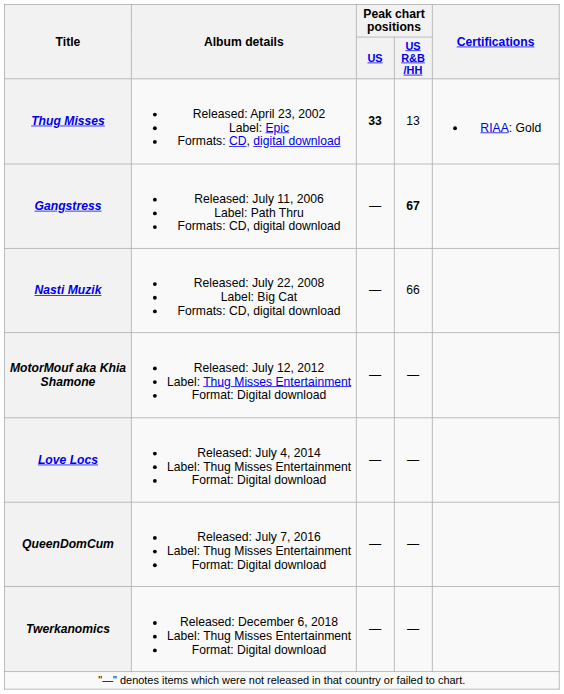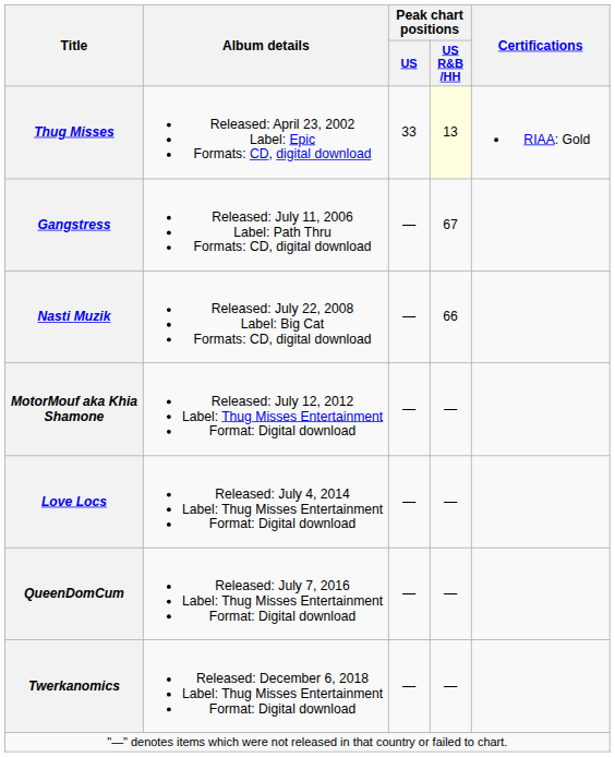 <table class="wikitable plainrowheaders" style="text-align:center;">
 <tr>
 <th scope="col" rowspan="2" style="width:10em;">Title</th>
 <th scope="col" rowspan="2" style="width:18em;">Album details</th>
 <th scope="col" colspan="2">Peak chart positions</th>
 <th scope="col" rowspan="2" style="width:10em;"><a href='#'>Certifications</a></th>
 </tr>
 <tr>
 <th scope="col" style="width:3em;font-size:90%;"><a href='#'>US</a><br></th>
 <th scope="col" style="width:3em;font-size:90%;"><a href='#'>US R&B<br>/HH</a><br></th>
 </tr>
 <tr>
 <th scope="row"><em><a href='#'>Thug Misses</a></em></th>
 <td><br><ul><li>Released: April 23, 2002</li><li>Label: <a href='#'>Epic</a></li><li>Formats: <a href='#'>CD</a>, <a href='#'>digital download</a></li></ul></td>
-<td><strong>33</strong></td>
-<td>13</td>
+<td>33</td>
+<td style="background: lightyellow;">13</td>
 <td><br><ul><li><a href='#'>RIAA</a>: Gold</li></ul></td>
 </tr>
 <tr>
 <th scope="row"><em><a href='#'>Gangstress</a></em></th>
 <td><br><ul><li>Released: July 11, 2006</li><li>Label: Path Thru</li><li>Formats: CD, digital download</li></ul></td>
 <td>—</td>
-<td><strong>67</strong></td>
+<td>67</td>
 <td></td>
 </tr>
 <tr>
 <th scope="row"><em><a href='#'>Nasti Muzik</a></em></th>
 <td><br><ul><li>Released: July 22, 2008</li><li>Label: Big Cat</li><li>Formats: CD, digital download</li></ul></td>
 <td>—</td>
 <td>66</td>
 <td></td>
 </tr>
 <tr>
 <th scope="row"><em>MotorMouf aka Khia Shamone</em></th>
 <td><br><ul><li>Released: July 12, 2012</li><li>Label: <a href='#'>Thug Misses Entertainment</a></li><li>Format: Digital download</li></ul></td>
 <td>—</td>
 <td>—</td>
 <td></td>
 </tr>
 <tr>
 <th scope="row"><em><a href='#'>Love Locs</a></em></th>
 <td><br><ul><li>Released: July 4, 2014</li><li>Label: Thug Misses Entertainment</li><li>Format: Digital download</li></ul></td>
 <td>—</td>
 <td>—</td>
 <td></td>
 </tr>
 <tr>
 <th scope="row"><em>QueenDomCum</em></th>
 <td><br><ul><li>Released: July 7, 2016</li><li>Label: Thug Misses Entertainment</li><li>Format: Digital download</li></ul></td>
 <td>—</td>
 <td>—</td>
 <td></td>
 </tr>
 <tr>
 <th scope="row"><em>Twerkanomics</em></th>
 <td><br><ul><li>Released: December 6, 2018</li><li>Label: Thug Misses Entertainment</li><li>Format: Digital download</li></ul></td>
 <td>—</td>
 <td>—</td>
 <td></td>
 </tr>
 <tr>
 <td colspan="8" style="font-size:90%">"—" denotes items which were not released in that country or failed to chart.</td>
 </tr>
 </table>
